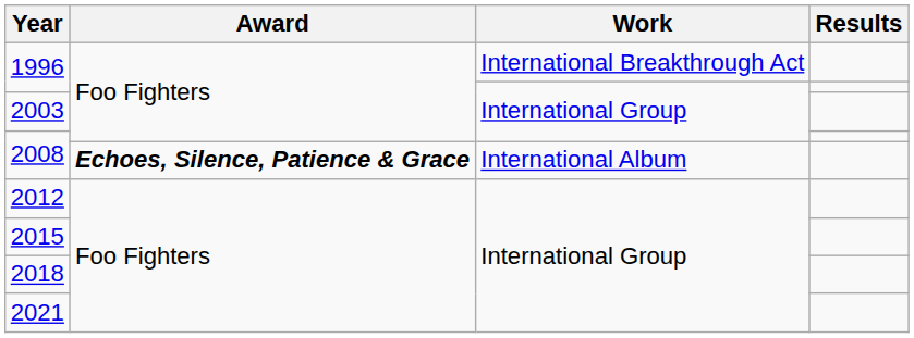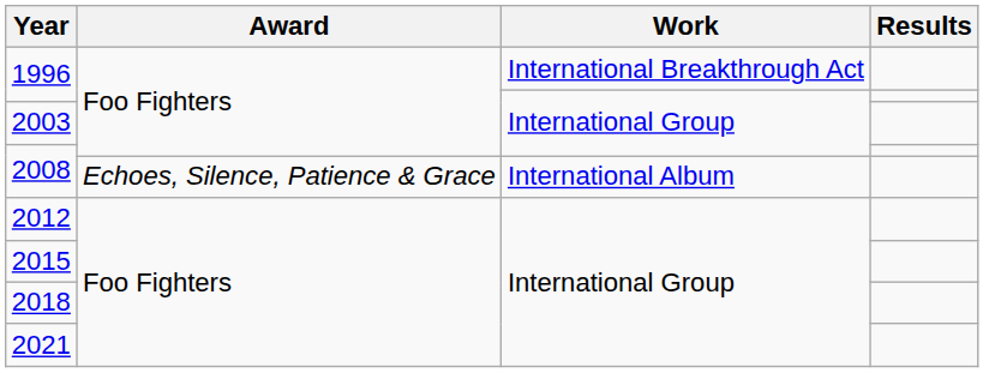 <table class="wikitable">
 <tr>
 <th>Year</th>
 <th>Award</th>
 <th>Work</th>
 <th>Results</th>
 </tr>
 <tr>
 <td rowspan="2"><a href='#'>1996</a></td>
 <td rowspan="4">Foo Fighters</td>
 <td><a href='#'>International Breakthrough Act</a></td>
 <td></td>
 </tr>
 <tr>
 <td rowspan="3"><a href='#'>International Group</a></td>
 <td></td>
 </tr>
 <tr>
 <td><a href='#'>2003</a></td>
 <td></td>
 </tr>
 <tr>
 <td rowspan="2"><a href='#'>2008</a></td>
 <td></td>
 </tr>
 <tr>
-<td><strong><em>Echoes, Silence, Patience & Grace</em></strong></td>
+<td><em>Echoes, Silence, Patience & Grace</em></td>
 <td><a href='#'>International Album</a></td>
 <td></td>
 </tr>
 <tr>
 <td><a href='#'>2012</a></td>
 <td rowspan="4">Foo Fighters</td>
 <td rowspan="4">International Group</td>
 <td></td>
 </tr>
 <tr>
 <td><a href='#'>2015</a></td>
 <td></td>
 </tr>
 <tr>
 <td><a href='#'>2018</a></td>
 <td></td>
 </tr>
 <tr>
 <td><a href='#'>2021</a></td>
 <td></td>
 </tr>
 </table>
